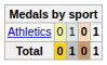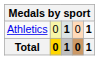 <table class="wikitable" style="font-size:85%">
 <tr style="background:#efefef;">
 <th colspan=7><strong>Medals by sport</strong></th>
 </tr>
 <tr align=center>
 <td><a href='#'>Athletics</a></td>
 <td style="background:#F7F6A8;">0</td>
-<td style="background:#DCE5E5;">1</td>
-<td style="background:#FFDAB9;"><strong>0</strong></td>
+<td style="background:#DCE5E5;"><strong>1</strong></td>
+<td style="background:#FFDAB9;">0</td>
 <td><strong>1</strong></td>
 </tr>
 <tr align=center>
 <th><strong>Total</strong></th>
 <th style="background:gold;"><strong>0</strong></th>
 <th style="background:silver;"><strong>1</strong></th>
 <th style="background:#c96;"><strong>0</strong></th>
 <th><strong>1</strong></th>
 </tr>
 </table>
